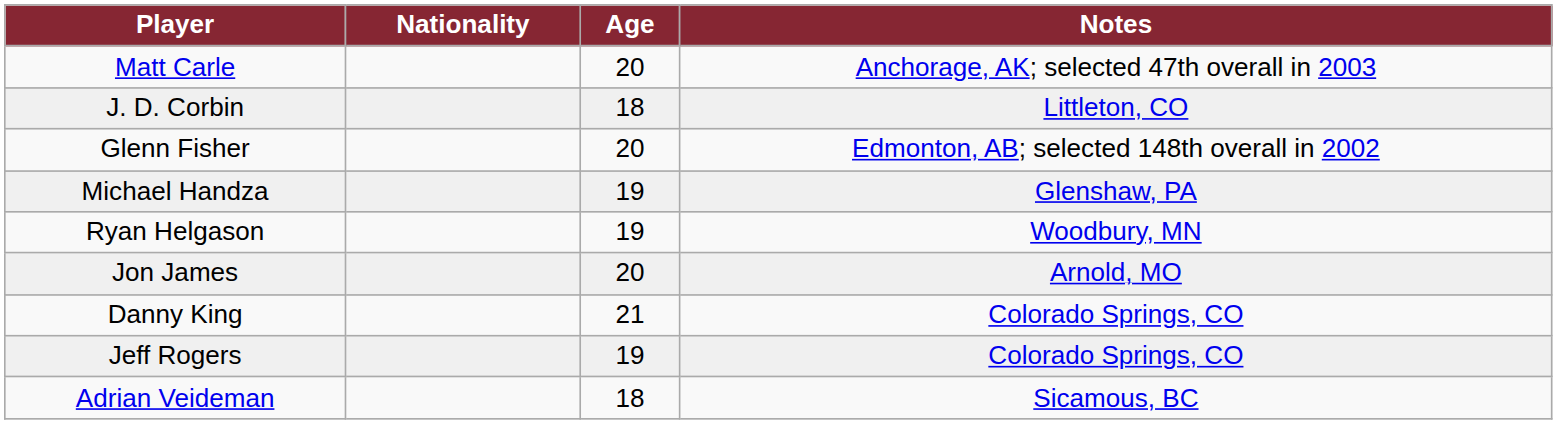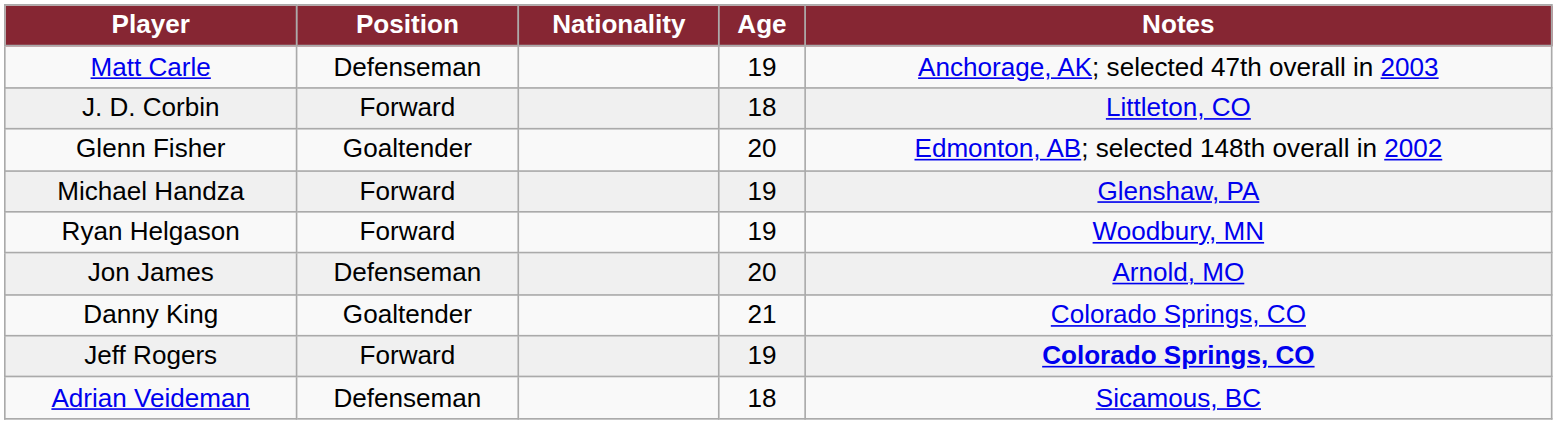 <table class="wikitable" width="60%">
 <tr>
 <th style="color:white; background:#862633; ">Player</th>
+<th style="color:white; background:#862633; ">Position</th>
 <th style="color:white; background:#862633; ">Nationality</th>
 <th style="color:white; background:#862633; ">Age</th>
 <th style="color:white; background:#862633; ">Notes</th>
 </tr>
 <tr align="center" bgcolor="">
 <td><a href='#'>Matt Carle</a></td>
+<td>Defenseman</td>
 <td></td>
-<td>20</td>
+<td>19</td>
 <td><a href='#'>Anchorage, AK</a>; selected 47th overall in <a href='#'>2003</a></td>
 </tr>
 <tr align="center" bgcolor="f0f0f0">
 <td>J. D. Corbin</td>
+<td>Forward</td>
 <td></td>
 <td>18</td>
 <td><a href='#'>Littleton, CO</a></td>
 </tr>
 <tr align="center" bgcolor="">
 <td>Glenn Fisher</td>
+<td>Goaltender</td>
 <td></td>
 <td>20</td>
 <td><a href='#'>Edmonton, AB</a>; selected 148th overall in <a href='#'>2002</a></td>
 </tr>
 <tr align="center" bgcolor="f0f0f0">
 <td>Michael Handza</td>
+<td>Forward</td>
 <td></td>
 <td>19</td>
 <td><a href='#'>Glenshaw, PA</a></td>
 </tr>
 <tr align="center" bgcolor="">
 <td>Ryan Helgason</td>
+<td>Forward</td>
 <td></td>
 <td>19</td>
 <td><a href='#'>Woodbury, MN</a></td>
 </tr>
 <tr align="center" bgcolor="f0f0f0">
 <td>Jon James</td>
+<td>Defenseman</td>
 <td></td>
 <td>20</td>
 <td><a href='#'>Arnold, MO</a></td>
 </tr>
 <tr align="center" bgcolor="">
 <td>Danny King</td>
+<td>Goaltender</td>
 <td></td>
 <td>21</td>
 <td><a href='#'>Colorado Springs, CO</a></td>
 </tr>
 <tr align="center" bgcolor="f0f0f0">
 <td>Jeff Rogers</td>
+<td>Forward</td>
 <td></td>
 <td>19</td>
-<td><a href='#'>Colorado Springs, CO</a></td>
+<td><strong><a href='#'>Colorado Springs, CO</a></strong></td>
 </tr>
 <tr align="center" bgcolor="">
 <td><a href='#'>Adrian Veideman</a></td>
+<td>Defenseman</td>
 <td></td>
 <td>18</td>
 <td><a href='#'>Sicamous, BC</a></td>
 </tr>
 </table>
